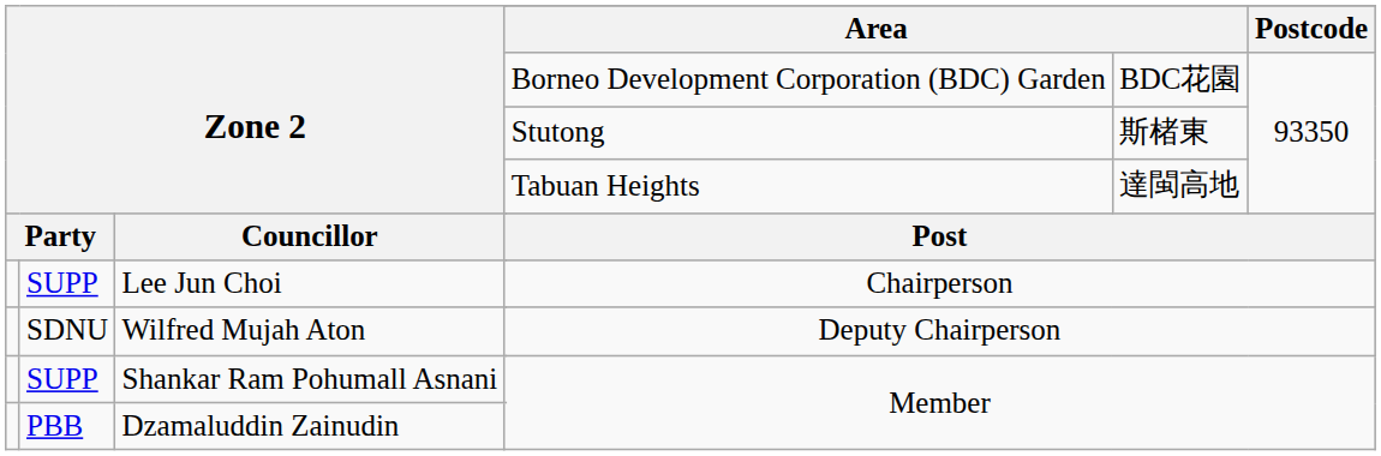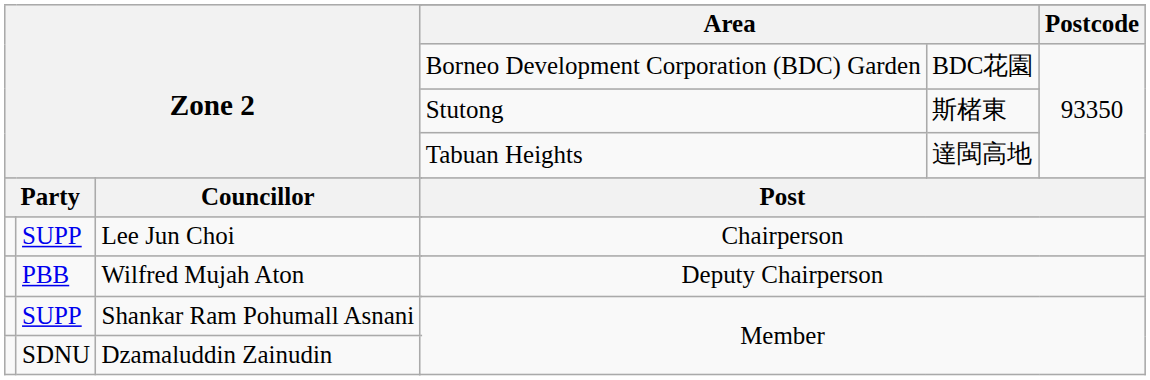 <table class="wikitable">
 <tr>
 <th width="220" colspan="4" rowspan="5"><br><h3>Zone 2</h3></th>
 </tr>
 <tr>
 <th ! align=center width="380" colspan="2">Area</th>
 <th align=center><strong>Postcode</strong></th>
 </tr>
 <tr>
 <td>Borneo Development Corporation (BDC) Garden</td>
 <td>BDC花園</td>
 <td align=center rowspan="3">93350</td>
 </tr>
 <tr>
 <td>Stutong</td>
 <td>斯楮東</td>
 </tr>
 <tr>
 <td>Tabuan Heights</td>
 <td>達閩高地</td>
 </tr>
 <tr>
 <th colspan="2">Party</th>
 <th width="200" colspan="2">Councillor</th>
 <th colspan="3">Post</th>
 </tr>
 <tr>
 <td></td>
 <td><a href='#'>SUPP</a></td>
 <td colspan="2">Lee Jun Choi</td>
 <td align=center colspan="3">Chairperson</td>
 </tr>
 <tr>
 <td></td>
-<td>SDNU</td>
+<td><a href='#'>PBB</a></td>
 <td colspan="2">Wilfred Mujah Aton</td>
 <td align=center colspan="3">Deputy Chairperson</td>
 </tr>
 <tr>
 <td></td>
 <td><a href='#'>SUPP</a></td>
 <td colspan="2">Shankar Ram Pohumall Asnani</td>
 <td align=center colspan="3" rowspan="2">Member</td>
 </tr>
 <tr>
 <td></td>
-<td><a href='#'>PBB</a></td>
+<td>SDNU</td>
 <td colspan="2">Dzamaluddin Zainudin</td>
 </tr>
 </table>
